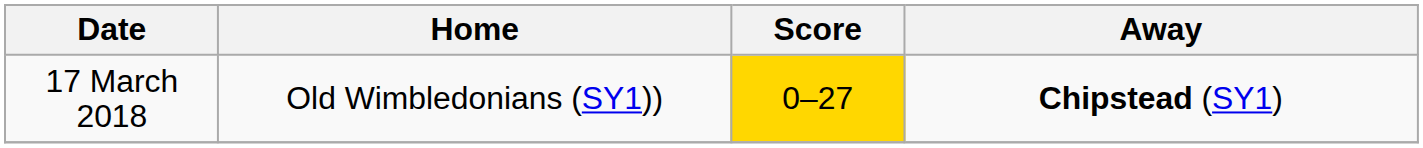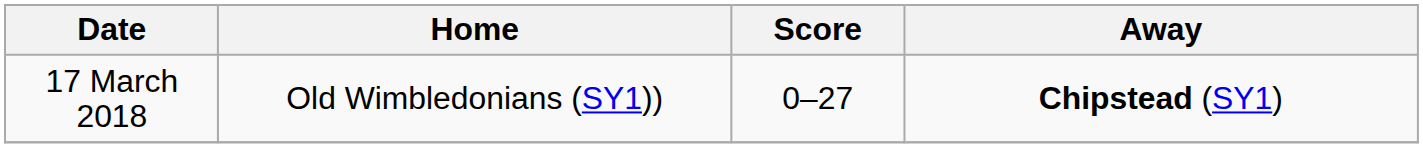 <table class="wikitable" style="text-align: center">
 <tr>
 <th width=100>Date</th>
 <th width=250>Home</th>
 <th width=80>Score</th>
 <th width=250>Away</th>
 </tr>
 <tr>
 <td>17 March 2018</td>
 <td>Old Wimbledonians (<a href='#'>SY1</a>))</td>
-<td style="background: gold;">0–27</td>
+<td>0–27</td>
 <td><strong>Chipstead</strong> (<a href='#'>SY1</a>)</td>
 </tr>
 <tr>
 </tr>
 </table>
